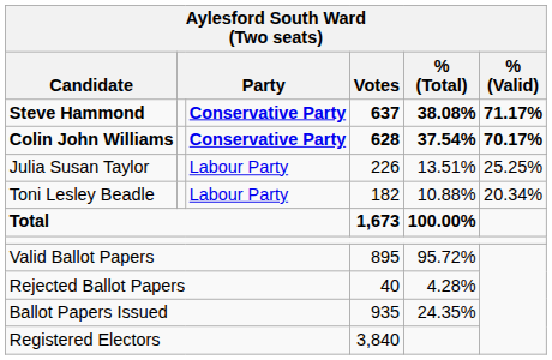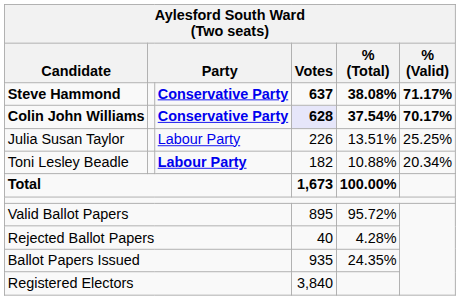 <table class="wikitable" border="1" style="text-align:right; font-size:100%">
 <tr>
 <th align=center colspan=6>Aylesford South Ward<br>(Two seats)</th>
 </tr>
 <tr>
 <th valign=bottom>Candidate</th>
 <th valign=bottom colspan=2>Party</th>
 <th valign=bottom>Votes</th>
 <th>%<br>(Total)</th>
 <th>%<br>(Valid)</th>
 </tr>
 <tr>
 <td align=left><strong>Steve Hammond</strong></td>
 <td style="background:"></td>
 <td align=left><strong><a href='#'>Conservative Party</a></strong></td>
 <td><strong>637</strong></td>
 <td><strong>38.08%</strong></td>
 <td><strong>71.17%</strong></td>
 </tr>
 <tr>
 <td align=left><strong>Colin John Williams</strong></td>
 <td style="background:"></td>
 <td align=left><strong><a href='#'>Conservative Party</a></strong></td>
-<td><strong>628</strong></td>
+<td style="background: lavender;"><strong>628</strong></td>
 <td><strong>37.54%</strong></td>
 <td><strong>70.17%</strong></td>
 </tr>
 <tr>
 <td align=left>Julia Susan Taylor</td>
 <td style="background:"></td>
 <td align=left><a href='#'>Labour Party</a></td>
 <td>226</td>
 <td>13.51%</td>
 <td>25.25%</td>
 </tr>
 <tr>
 <td align=left>Toni Lesley Beadle</td>
 <td style="background:"></td>
-<td align=left><a href='#'>Labour Party</a></td>
+<td align=left><strong><a href='#'>Labour Party</a></strong></td>
 <td>182</td>
 <td>10.88%</td>
 <td>20.34%</td>
 </tr>
 <tr style="font-weight:bold">
 <td align=left colspan=3>Total</td>
 <td>1,673</td>
 <td>100.00%</td>
 <td></td>
 </tr>
 <tr>
 <td align=left colspan=6></td>
 </tr>
 <tr>
 <td align=left colspan=3>Valid Ballot Papers</td>
 <td>895</td>
 <td>95.72%</td>
 <td rowspan=4></td>
 </tr>
 <tr>
 <td align=left colspan=3>Rejected Ballot Papers</td>
 <td>40</td>
 <td>4.28%</td>
 </tr>
 <tr>
 <td align=left colspan=3>Ballot Papers Issued</td>
 <td>935</td>
 <td>24.35%</td>
 </tr>
 <tr>
 <td align=left colspan=3>Registered Electors</td>
 <td>3,840</td>
 <td></td>
 </tr>
 </table>
